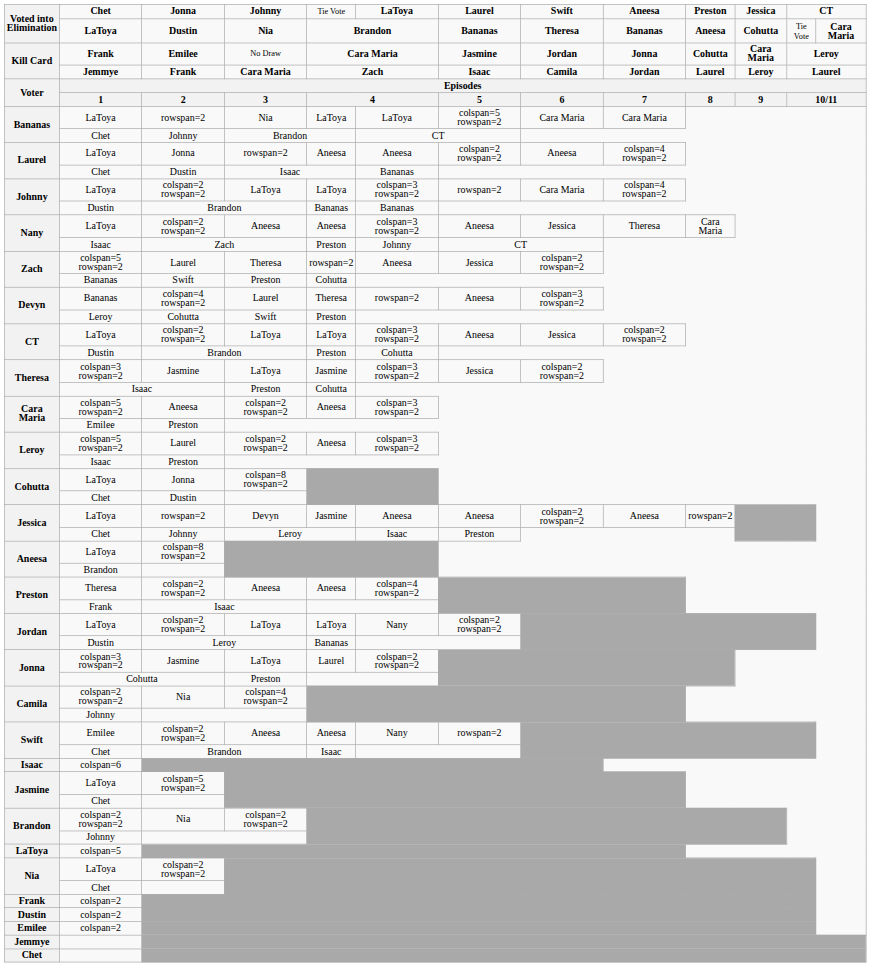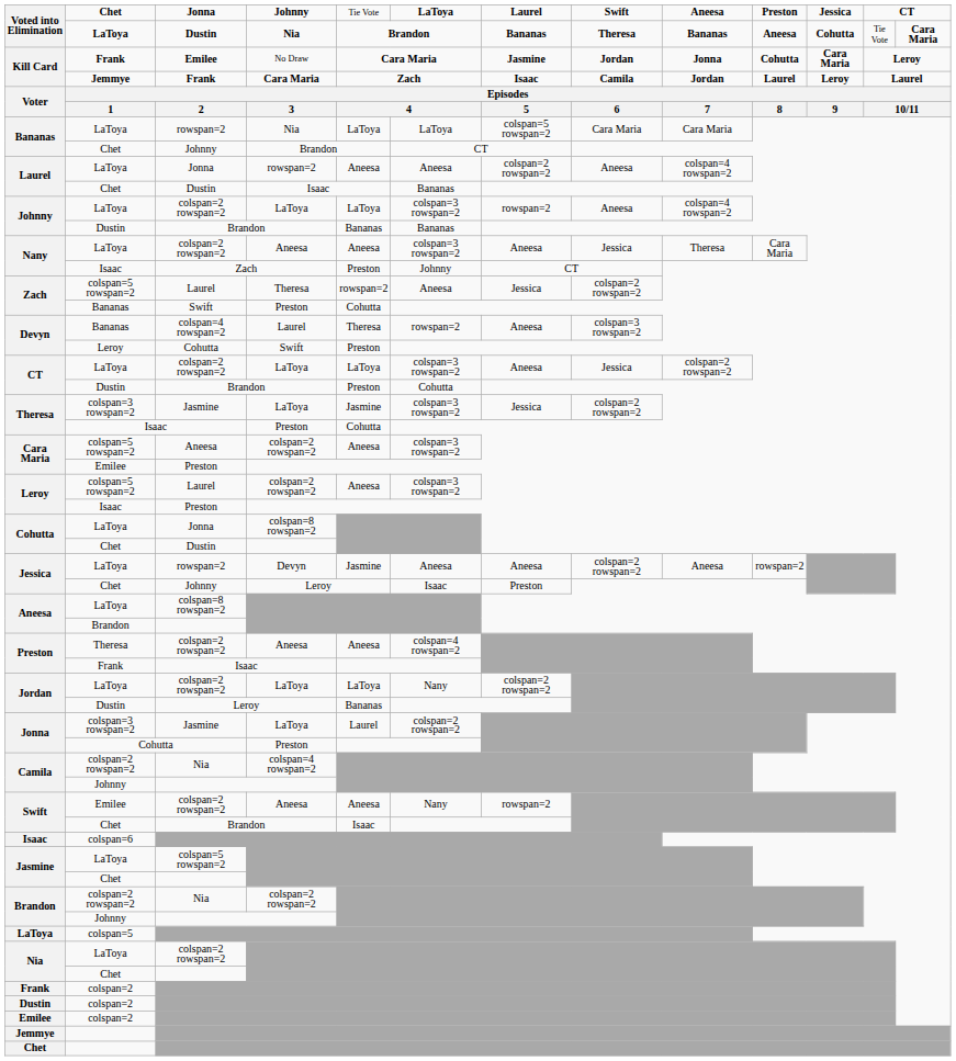 <table class="wikitable" style="text-align:center; line-height:13px; font-size:90%;">
 <tr>
 <th rowspan=2>Voted into<br>Elimination</th>
 <td><strong>Chet</strong><br></td>
 <td><strong>Jonna</strong><br></td>
 <td><strong>Johnny</strong><br></td>
 <td><small>Tie Vote</small></td>
 <td><strong>LaToya</strong><br></td>
 <td><strong>Laurel</strong><br></td>
 <td><strong>Swift</strong><br></td>
 <td><strong>Aneesa</strong><br></td>
 <td><strong>Preston</strong><br></td>
 <td><strong>Jessica</strong><br></td>
 <td colspan=2><strong>CT</strong><br></td>
 </tr>
 <tr>
 <td><strong>LaToya</strong><br></td>
 <td><strong>Dustin</strong><br></td>
 <td><strong>Nia</strong><br></td>
 <td colspan=2><strong>Brandon</strong><br></td>
 <td><strong>Bananas</strong><br></td>
 <td><strong>Theresa</strong><br></td>
 <td><strong>Bananas</strong><br></td>
 <td><strong>Aneesa</strong><br></td>
 <td><strong>Cohutta</strong><br></td>
 <td><small>Tie Vote</small></td>
 <td><strong>Cara Maria</strong><br></td>
 </tr>
 <tr>
 <th rowspan=2>Kill Card</th>
 <td><strong>Frank</strong></td>
 <td><strong>Emilee</strong></td>
 <td><small>No Draw</small></td>
 <td colspan=2><strong>Cara Maria</strong></td>
 <td><strong>Jasmine</strong></td>
 <td><strong>Jordan</strong></td>
 <td><strong>Jonna</strong></td>
 <td><strong>Cohutta</strong></td>
 <td><strong>Cara Maria</strong></td>
 <td colspan=2><strong>Leroy</strong></td>
 </tr>
 <tr>
 <td><strong>Jemmye</strong></td>
 <td><strong>Frank</strong></td>
 <td><strong>Cara Maria</strong></td>
 <td colspan=2><strong>Zach</strong></td>
 <td><strong>Isaac</strong></td>
 <td><strong>Camila</strong></td>
 <td><strong>Jordan</strong></td>
 <td><strong>Laurel</strong></td>
 <td><strong>Leroy</strong></td>
 <td colspan=2><strong>Laurel</strong></td>
 </tr>
 <tr>
 <th rowspan=2>Voter</th>
 <th colspan=12>Episodes</th>
 </tr>
 <tr>
 <th>1</th>
 <th>2</th>
 <th>3</th>
 <th colspan=2>4</th>
 <th>5</th>
 <th>6</th>
 <th>7</th>
 <th>8</th>
 <th>9</th>
 <th colspan=2>10/11</th>
 </tr>
 <tr>
 <th rowspan=2>Bananas</th>
 <td>LaToya</td>
 <td>rowspan=2 </td>
 <td>Nia</td>
 <td>LaToya</td>
 <td>LaToya</td>
 <td>colspan=5 rowspan=2 </td>
 <td>Cara Maria</td>
 <td>Cara Maria</td>
 </tr>
 <tr>
 <td>Chet</td>
 <td>Johnny</td>
 <td colspan="2">Brandon</td>
 <td colspan="2">CT</td>
 </tr>
 <tr>
 <th rowspan=2>Laurel</th>
 <td>LaToya</td>
 <td>Jonna</td>
 <td>rowspan=2 </td>
 <td>Aneesa</td>
 <td>Aneesa</td>
 <td>colspan=2 rowspan=2 </td>
 <td>Aneesa</td>
 <td>colspan=4 rowspan=2 </td>
 </tr>
 <tr>
 <td>Chet</td>
 <td>Dustin</td>
 <td colspan="2">Isaac</td>
 <td>Bananas</td>
 </tr>
 <tr>
 <th rowspan=2>Johnny</th>
 <td>LaToya</td>
 <td>colspan=2 rowspan=2 </td>
 <td>LaToya</td>
 <td>LaToya</td>
 <td>colspan=3 rowspan=2 </td>
 <td>rowspan=2 </td>
-<td>Cara Maria</td>
+<td>Aneesa</td>
 <td>colspan=4 rowspan=2 </td>
 </tr>
 <tr>
 <td>Dustin</td>
 <td colspan="2">Brandon</td>
 <td>Bananas</td>
 <td>Bananas</td>
 </tr>
 <tr>
 <th rowspan=2>Nany</th>
 <td>LaToya</td>
 <td>colspan=2 rowspan=2 </td>
 <td>Aneesa</td>
 <td>Aneesa</td>
 <td>colspan=3 rowspan=2 </td>
 <td>Aneesa</td>
 <td>Jessica</td>
 <td>Theresa</td>
 <td>Cara Maria</td>
 </tr>
 <tr>
 <td>Isaac</td>
 <td colspan="2">Zach</td>
 <td>Preston</td>
 <td>Johnny</td>
 <td colspan="2">CT</td>
 </tr>
 <tr>
 <th rowspan=2>Zach</th>
 <td>colspan=5 rowspan=2 </td>
 <td>Laurel</td>
 <td>Theresa</td>
 <td>rowspan=2 </td>
 <td>Aneesa</td>
 <td>Jessica</td>
 <td>colspan=2 rowspan=2 </td>
 </tr>
 <tr>
 <td>Bananas</td>
 <td>Swift</td>
 <td>Preston</td>
 <td>Cohutta</td>
 </tr>
 <tr>
 <th rowspan=2>Devyn</th>
 <td>Bananas</td>
 <td>colspan=4 rowspan=2 </td>
 <td>Laurel</td>
 <td>Theresa</td>
 <td>rowspan=2 </td>
 <td>Aneesa</td>
 <td>colspan=3 rowspan=2 </td>
 </tr>
 <tr>
 <td>Leroy</td>
 <td>Cohutta</td>
 <td>Swift</td>
 <td>Preston</td>
 </tr>
 <tr>
 <th rowspan=2>CT</th>
 <td>LaToya</td>
 <td>colspan=2 rowspan=2 </td>
 <td>LaToya</td>
 <td>LaToya</td>
 <td>colspan=3 rowspan=2 </td>
 <td>Aneesa</td>
 <td>Jessica</td>
 <td>colspan=2 rowspan=2 </td>
 </tr>
 <tr>
 <td>Dustin</td>
 <td colspan="2">Brandon</td>
 <td>Preston</td>
 <td>Cohutta</td>
 </tr>
 <tr>
 <th rowspan=2>Theresa</th>
 <td>colspan=3 rowspan=2 </td>
 <td>Jasmine</td>
 <td>LaToya</td>
 <td>Jasmine</td>
 <td>colspan=3 rowspan=2 </td>
 <td>Jessica</td>
 <td>colspan=2 rowspan=2 </td>
 </tr>
 <tr>
 <td colspan="2">Isaac</td>
 <td>Preston</td>
 <td>Cohutta</td>
 </tr>
 <tr>
 <th rowspan=2>Cara Maria</th>
 <td>colspan=5 rowspan=2 </td>
 <td>Aneesa</td>
 <td>colspan=2 rowspan=2 </td>
 <td>Aneesa</td>
 <td>colspan=3 rowspan=2 </td>
 </tr>
 <tr>
 <td>Emilee</td>
 <td>Preston</td>
 </tr>
 <tr>
 <th rowspan=2>Leroy</th>
 <td>colspan=5 rowspan=2 </td>
 <td>Laurel</td>
 <td>colspan=2 rowspan=2 </td>
 <td>Aneesa</td>
 <td>colspan=3 rowspan=2 </td>
 </tr>
 <tr>
 <td>Isaac</td>
 <td>Preston</td>
 </tr>
 <tr>
 <th rowspan=2>Cohutta</th>
 <td>LaToya</td>
 <td>Jonna</td>
 <td>colspan=8 rowspan=2 </td>
 <td style="background:darkgrey;" colspan="2" rowspan="2"></td>
 </tr>
 <tr>
 <td>Chet</td>
 <td>Dustin</td>
 </tr>
 <tr>
 <th rowspan=2>Jessica</th>
 <td>LaToya</td>
 <td>rowspan=2 </td>
 <td>Devyn</td>
 <td>Jasmine</td>
 <td>Aneesa</td>
 <td>Aneesa</td>
 <td>colspan=2 rowspan=2 </td>
 <td>Aneesa</td>
 <td>rowspan=2 </td>
 <td style="background:darkgrey;" colspan="2" rowspan="2"></td>
 </tr>
 <tr>
 <td>Chet</td>
 <td>Johnny</td>
 <td colspan="2">Leroy</td>
 <td>Isaac</td>
 <td>Preston</td>
 </tr>
 <tr>
 <th rowspan=2>Aneesa</th>
 <td>LaToya</td>
 <td>colspan=8 rowspan=2 </td>
 <td style="background:darkgrey;" colspan="3" rowspan="2"></td>
 </tr>
 <tr>
 <td>Brandon</td>
 </tr>
 <tr>
 <th rowspan=2>Preston</th>
 <td>Theresa</td>
 <td>colspan=2 rowspan=2 </td>
 <td>Aneesa</td>
 <td>Aneesa</td>
 <td>colspan=4 rowspan=2 </td>
 <td style="background:darkgrey;" colspan="3" rowspan="2"></td>
 </tr>
 <tr>
 <td>Frank</td>
 <td colspan="2">Isaac</td>
 </tr>
 <tr>
 <th rowspan=2>Jordan</th>
 <td>LaToya</td>
 <td>colspan=2 rowspan=2 </td>
 <td>LaToya</td>
 <td>LaToya</td>
 <td>Nany</td>
 <td>colspan=2 rowspan=2 </td>
 <td style="background:darkgrey;" colspan="5" rowspan="2"></td>
 </tr>
 <tr>
 <td>Dustin</td>
 <td colspan="2">Leroy</td>
 <td>Bananas</td>
 </tr>
 <tr>
 <th rowspan=2>Jonna</th>
 <td>colspan=3 rowspan=2 </td>
 <td>Jasmine</td>
 <td>LaToya</td>
 <td>Laurel</td>
 <td>colspan=2 rowspan=2 </td>
 <td style="background:darkgrey;" colspan="4" rowspan="2"></td>
 </tr>
 <tr>
 <td colspan="2">Cohutta</td>
 <td>Preston</td>
 </tr>
 <tr>
 <th rowspan=2>Camila</th>
 <td>colspan=2 rowspan=2 </td>
 <td>Nia</td>
 <td>colspan=4 rowspan=2 </td>
 <td style="background:darkgrey;" colspan="5" rowspan="2"></td>
 </tr>
 <tr>
 <td>Johnny</td>
 </tr>
 <tr>
 <th rowspan=2>Swift</th>
 <td>Emilee</td>
 <td>colspan=2 rowspan=2 </td>
 <td>Aneesa</td>
 <td>Aneesa</td>
 <td>Nany</td>
 <td>rowspan=2 </td>
 <td style="background:darkgrey;" colspan="5" rowspan="2"></td>
 </tr>
 <tr>
 <td>Chet</td>
 <td colspan="2">Brandon</td>
 <td>Isaac</td>
 </tr>
 <tr>
 <th>Isaac</th>
 <td>colspan=6 </td>
 <td style="background:darkgrey;" colspan="6"></td>
 </tr>
 <tr>
 <th rowspan=2>Jasmine</th>
 <td>LaToya</td>
 <td>colspan=5 rowspan=2 </td>
 <td style="background:darkgrey;" colspan="6" rowspan="2"></td>
 </tr>
 <tr>
 <td>Chet</td>
 </tr>
 <tr>
 <th rowspan=2>Brandon</th>
 <td>colspan=2 rowspan=2 </td>
 <td>Nia</td>
 <td>colspan=2 rowspan=2 </td>
 <td style="background:darkgrey;" colspan="7" rowspan="2"></td>
 </tr>
 <tr>
 <td>Johnny</td>
 </tr>
 <tr>
 <th>LaToya</th>
 <td>colspan=5 </td>
 <td style="background:darkgrey;" colspan="7"></td>
 </tr>
 <tr>
 <th rowspan=2>Nia</th>
 <td>LaToya</td>
 <td>colspan=2 rowspan=2 </td>
 <td style="background:darkgrey;" colspan="9" rowspan="2"></td>
 </tr>
 <tr>
 <td>Chet</td>
 </tr>
 <tr>
 <th>Frank</th>
 <td>colspan=2 </td>
 <td style="background:darkgrey;" colspan="10"></td>
 </tr>
 <tr>
 <th>Dustin</th>
 <td>colspan=2 </td>
 <td style="background:darkgrey;" colspan="10"></td>
 </tr>
 <tr>
 <th>Emilee</th>
 <td>colspan=2 </td>
 <td style="background:darkgrey;" colspan="10"></td>
 </tr>
 <tr>
 <th>Jemmye</th>
 <td></td>
 <td style="background:darkgrey;" colspan="11"></td>
 </tr>
 <tr>
 <th>Chet</th>
 <td></td>
 <td style="background:darkgrey;" colspan="11"></td>
 </tr>
 </table>
